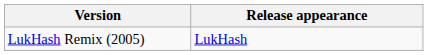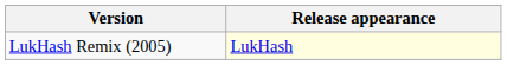 <table class="wikitable">
 <tr>
 <th width="200">Version</th>
 <th width="250">Release appearance</th>
 </tr>
 <tr>
 <td><a href='#'>LukHash</a> Remix (2005)</td>
-<td><a href='#'>LukHash</a> </td>
+<td style="background: lightyellow;"><a href='#'>LukHash</a> </td>
 </tr>
 </table>
